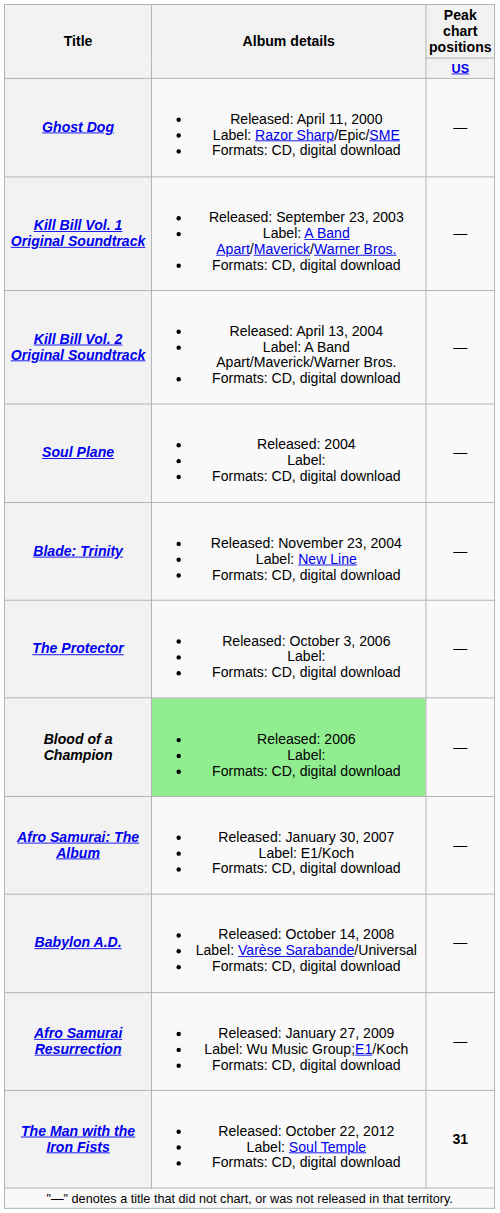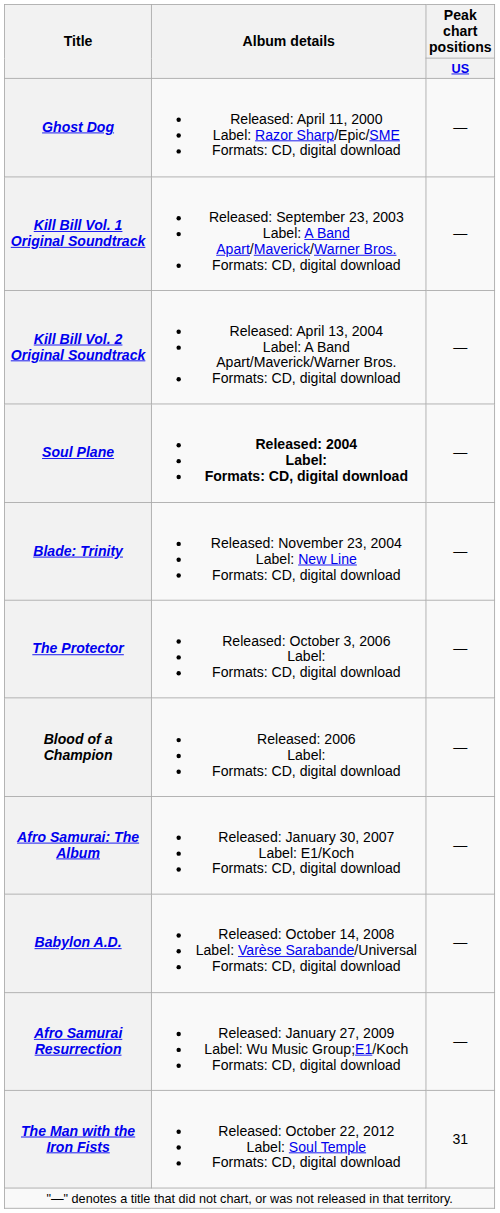 <table class="wikitable plainrowheaders" style="text-align:center;">
 <tr>
 <th scope="col" rowspan="2" style="width:10em;">Title</th>
 <th scope="col" rowspan="2" style="width:19em;">Album details</th>
 <th scope="col" colspan="1">Peak chart positions</th>
 </tr>
 <tr>
 <th scope="col" style="width:3em;font-size:90%;"><a href='#'>US</a></th>
 </tr>
 <tr>
 <th scope="row"><em><a href='#'>Ghost Dog</a></em></th>
 <td><br><ul><li>Released: April 11, 2000</li><li>Label: <a href='#'>Razor Sharp</a>/Epic/<a href='#'>SME</a></li><li>Formats: CD, digital download</li></ul></td>
 <td>—</td>
 </tr>
 <tr>
 <th scope="row"><em><a href='#'>Kill Bill Vol. 1 Original Soundtrack</a></em></th>
 <td><br><ul><li>Released: September 23, 2003</li><li>Label: <a href='#'>A Band Apart</a>/<a href='#'>Maverick</a>/<a href='#'>Warner Bros.</a></li><li>Formats: CD, digital download</li></ul></td>
 <td>—</td>
 </tr>
 <tr>
 <th scope="row"><em><a href='#'>Kill Bill Vol. 2 Original Soundtrack</a></em></th>
 <td><br><ul><li>Released: April 13, 2004</li><li>Label: A Band Apart/Maverick/Warner Bros.</li><li>Formats: CD, digital download</li></ul></td>
 <td>—</td>
 </tr>
 <tr>
 <th scope="row"><em><a href='#'>Soul Plane</a></em></th>
-<td><br><ul><li>Released: 2004</li><li>Label:</li><li>Formats: CD, digital download</li></ul></td>
+<td><strong><br><ul><li>Released: 2004</li><li>Label:</li><li>Formats: CD, digital download</li></ul></strong></td>
 <td>—</td>
 </tr>
 <tr>
 <th scope="row"><em><a href='#'>Blade: Trinity</a></em></th>
 <td><br><ul><li>Released: November 23, 2004</li><li>Label: <a href='#'>New Line</a></li><li>Formats: CD, digital download</li></ul></td>
 <td>—</td>
 </tr>
 <tr>
 <th scope="row"><em><a href='#'>The Protector</a></em></th>
 <td><br><ul><li>Released: October 3, 2006</li><li>Label:</li><li>Formats: CD, digital download</li></ul></td>
 <td>—</td>
 </tr>
 <tr>
 <th scope="row"><em>Blood of a Champion</em></th>
-<td style="background: lightgreen;"><br><ul><li>Released: 2006</li><li>Label:</li><li>Formats: CD, digital download</li></ul></td>
+<td><br><ul><li>Released: 2006</li><li>Label:</li><li>Formats: CD, digital download</li></ul></td>
 <td>—</td>
 </tr>
 <tr>
 <th scope="row"><em><a href='#'>Afro Samurai: The Album</a></em></th>
 <td><br><ul><li>Released: January 30, 2007</li><li>Label: E1/Koch</li><li>Formats: CD, digital download</li></ul></td>
 <td>—</td>
 </tr>
 <tr>
 <th scope="row"><em><a href='#'>Babylon A.D.</a></em></th>
 <td><br><ul><li>Released: October 14, 2008</li><li>Label: <a href='#'>Varèse Sarabande</a>/Universal</li><li>Formats: CD, digital download</li></ul></td>
 <td>—</td>
 </tr>
 <tr>
 <th scope="row"><em><a href='#'>Afro Samurai Resurrection</a></em></th>
 <td><br><ul><li>Released: January 27, 2009</li><li>Label: Wu Music Group;<a href='#'>E1</a>/Koch</li><li>Formats: CD, digital download</li></ul></td>
 <td>—</td>
 </tr>
 <tr>
 <th scope="row"><em><a href='#'>The Man with the Iron Fists</a></em></th>
 <td><br><ul><li>Released: October 22, 2012</li><li>Label: <a href='#'>Soul Temple</a></li><li>Formats: CD, digital download</li></ul></td>
-<td><strong>31</strong></td>
+<td>31</td>
 </tr>
 <tr>
 <td colspan="14" style="font-size:90%">"—" denotes a title that did not chart, or was not released in that territory.</td>
 </tr>
 </table>
